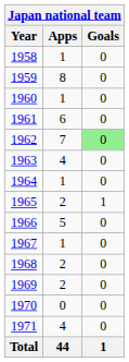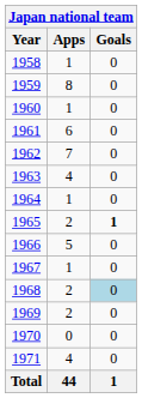 <table class="wikitable" style="text-align:center">
 <tr>
 <th colspan=3><a href='#'>Japan national team</a></th>
 </tr>
 <tr>
 <th>Year</th>
 <th>Apps</th>
 <th>Goals</th>
 </tr>
 <tr>
 <td><a href='#'>1958</a></td>
 <td>1</td>
 <td>0</td>
 </tr>
 <tr>
 <td><a href='#'>1959</a></td>
 <td>8</td>
 <td>0</td>
 </tr>
 <tr>
 <td><a href='#'>1960</a></td>
 <td>1</td>
 <td>0</td>
 </tr>
 <tr>
 <td><a href='#'>1961</a></td>
 <td>6</td>
 <td>0</td>
 </tr>
 <tr>
 <td><a href='#'>1962</a></td>
 <td>7</td>
-<td style="background: lightgreen;">0</td>
+<td>0</td>
 </tr>
 <tr>
 <td><a href='#'>1963</a></td>
 <td>4</td>
 <td>0</td>
 </tr>
 <tr>
 <td><a href='#'>1964</a></td>
 <td>1</td>
 <td>0</td>
 </tr>
 <tr>
 <td><a href='#'>1965</a></td>
 <td>2</td>
-<td>1</td>
+<td><strong>1</strong></td>
 </tr>
 <tr>
 <td><a href='#'>1966</a></td>
 <td>5</td>
 <td>0</td>
 </tr>
 <tr>
 <td><a href='#'>1967</a></td>
 <td>1</td>
 <td>0</td>
 </tr>
 <tr>
 <td><a href='#'>1968</a></td>
 <td>2</td>
-<td>0</td>
+<td style="background: lightblue;">0</td>
 </tr>
 <tr>
 <td><a href='#'>1969</a></td>
 <td>2</td>
 <td>0</td>
 </tr>
 <tr>
 <td><a href='#'>1970</a></td>
 <td>0</td>
 <td>0</td>
 </tr>
 <tr>
 <td><a href='#'>1971</a></td>
 <td>4</td>
 <td>0</td>
 </tr>
 <tr>
 <th>Total</th>
 <th>44</th>
 <th>1</th>
 </tr>
 </table>
